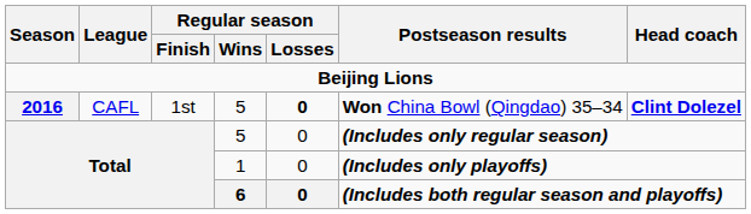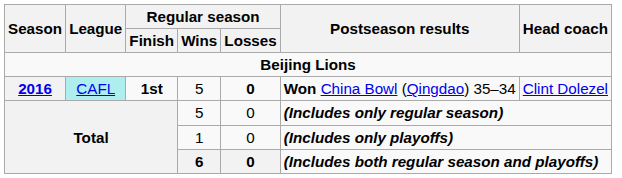 <table class="wikitable" style="font-size: 95%">
 <tr>
 <th rowspan="2">Season</th>
 <th rowspan="2">League</th>
 <th colspan="3">Regular season</th>
 <th rowspan="2">Postseason results</th>
 <th rowspan="2">Head coach</th>
 </tr>
 <tr>
 <th>Finish</th>
 <th>Wins</th>
 <th>Losses</th>
 </tr>
 <tr>
 <td align="center" colspan="12"><strong>Beijing Lions</strong></td>
 </tr>
 <tr>
 <th align="center"><a href='#'>2016</a></th>
-<td align="center"><a href='#'>CAFL</a></td>
-<td align="center">1st</td>
+<td align="center" style="background: paleturquoise;"><a href='#'>CAFL</a></td>
+<td align="center"><strong>1st</strong></td>
 <td align="center">5</td>
 <td align="center"><strong>0</strong></td>
 <td><strong>Won</strong> <a href='#'>China Bowl</a> (<a href='#'>Qingdao</a>) 35–34</td>
-<td><strong><a href='#'>Clint Dolezel</a></strong></td>
+<td><a href='#'>Clint Dolezel</a></td>
 </tr>
 <tr>
 <th align="center" rowSpan="3" colSpan="3">Total</th>
 <td align="center">5</td>
 <td align="center">0</td>
 <td colSpan="3"><strong><em>(Includes only regular season)</em></strong></td>
 </tr>
 <tr>
 <td align="center">1</td>
 <td align="center">0</td>
 <td colSpan="3"><strong><em>(Includes only playoffs)</em></strong></td>
 </tr>
 <tr>
 <th align="center">6</th>
 <th align="center">0</th>
 <td colSpan="3"><strong><em>(Includes both regular season and playoffs)</em></strong></td>
 </tr>
 </table>
